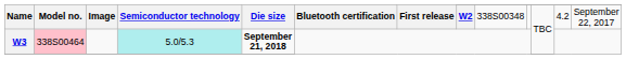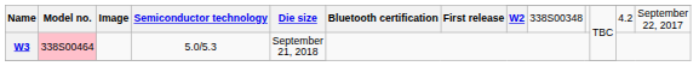 <table class="wikitable sortable" style="font-size:85%; text-align:center">
 <tr>
 <th rowspan=2>Name</th>
 <th rowspan=2>Model no.</th>
 <th rowspan=2>Image</th>
 <th rowspan=2><a href='#'>Semiconductor technology</a></th>
 <th rowspan=2><a href='#'>Die size</a></th>
 <th rowspan=2>Bluetooth certification</th>
 <th rowspan=2>First release</th>
 </tr>
 <tr>
 <th><a href='#'>W2</a></th>
 <td>338S00348</td>
 <td></td>
 <td colspan=2 rowspan=2>TBC</td>
 <td>4.2</td>
 <td>September<br>22, 2017</td>
 </tr>
 <tr>
 <th><a href='#'>W3</a></th>
 <td style="background: pink;">338S00464</td>
 <td></td>
-<td style="background: paleturquoise;">5.0/5.3</td>
-<td><strong>September<br>21, 2018</strong></td>
+<td>5.0/5.3</td>
+<td>September<br>21, 2018</td>
 </tr>
 <tr>
 </tr>
 </table>
